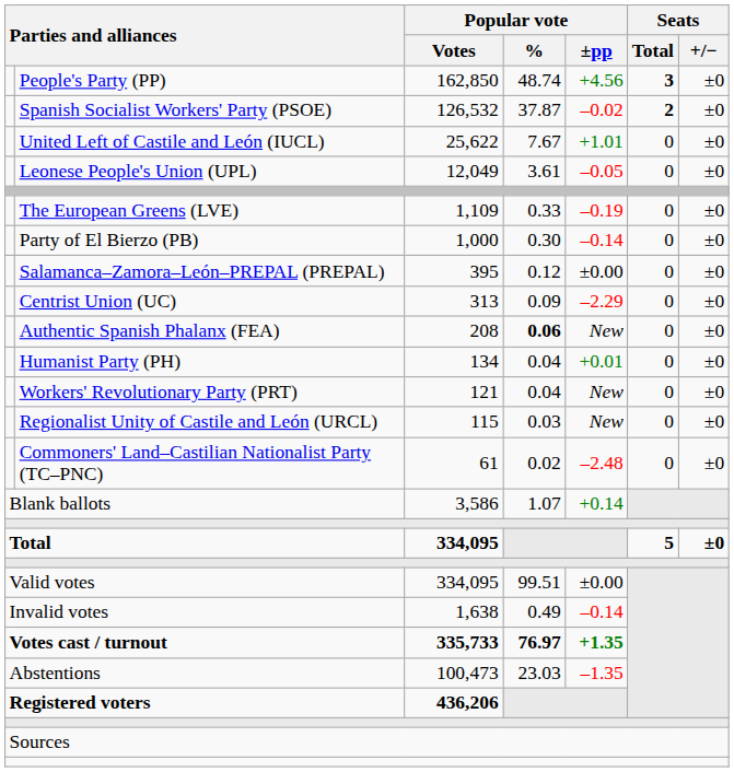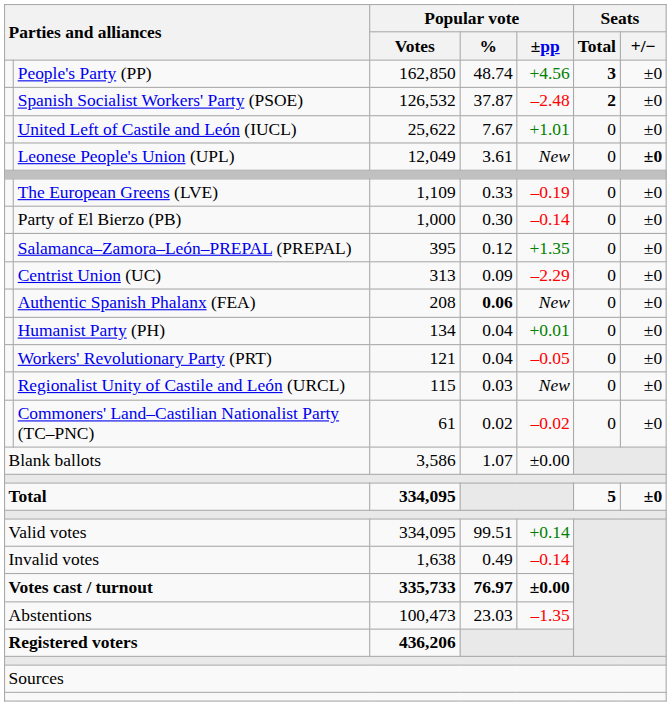 <table class="wikitable" style="text-align:right;">
 <tr>
 <th style="text-align:left;" rowspan="2" colspan="2" width="525">Parties and alliances</th>
 <th colspan="3">Popular vote</th>
 <th colspan="2">Seats</th>
 </tr>
 <tr>
 <th width="75">Votes</th>
 <th width="45">%</th>
 <th width="45">±<a href='#'>pp</a></th>
 <th width="35">Total</th>
 <th width="35">+/−</th>
 </tr>
 <tr>
 <td width="1" style="color:inherit;background:"></td>
 <td align="left"><a href='#'>People's Party</a> (PP)</td>
 <td>162,850</td>
 <td>48.74</td>
 <td style="color:green;">+4.56</td>
 <td><strong>3</strong></td>
 <td>±0</td>
 </tr>
 <tr>
 <td style="color:inherit;background:"></td>
 <td align="left"><a href='#'>Spanish Socialist Workers' Party</a> (PSOE)</td>
 <td>126,532</td>
 <td>37.87</td>
-<td style="color:red;">–0.02</td>
+<td style="color:red;">–2.48</td>
 <td><strong>2</strong></td>
 <td>±0</td>
 </tr>
 <tr>
 <td style="color:inherit;background:"></td>
 <td align="left"><a href='#'>United Left of Castile and León</a> (IUCL)</td>
 <td>25,622</td>
 <td>7.67</td>
 <td style="color:green;">+1.01</td>
 <td>0</td>
 <td>±0</td>
 </tr>
 <tr>
 <td style="color:inherit;background:"></td>
 <td align="left"><a href='#'>Leonese People's Union</a> (UPL)</td>
 <td>12,049</td>
 <td>3.61</td>
-<td style="color:red;">–0.05</td>
+<td><em>New</em></td>
 <td>0</td>
-<td>±0</td>
+<td><strong>±0</strong></td>
 </tr>
 <tr>
 <td colspan="7" bgcolor="#C0C0C0"></td>
 </tr>
 <tr>
 <td style="color:inherit;background:"></td>
 <td align="left"><a href='#'>The European Greens</a> (LVE)</td>
 <td>1,109</td>
 <td>0.33</td>
 <td style="color:red;">–0.19</td>
 <td>0</td>
 <td>±0</td>
 </tr>
 <tr>
 <td style="color:inherit;background:"></td>
 <td align="left">Party of El Bierzo (PB)</td>
 <td>1,000</td>
 <td>0.30</td>
 <td style="color:red;">–0.14</td>
 <td>0</td>
 <td>±0</td>
 </tr>
 <tr>
 <td style="color:inherit;background:"></td>
 <td align="left"><a href='#'>Salamanca–Zamora–León–PREPAL</a> (PREPAL)</td>
 <td>395</td>
 <td>0.12</td>
-<td>±0.00</td>
+<td style="color:green;">+1.35</td>
 <td>0</td>
 <td>±0</td>
 </tr>
 <tr>
 <td style="color:inherit;background:"></td>
 <td align="left"><a href='#'>Centrist Union</a> (UC)</td>
 <td>313</td>
 <td>0.09</td>
 <td style="color:red;">–2.29</td>
 <td>0</td>
 <td>±0</td>
 </tr>
 <tr>
 <td style="color:inherit;background:"></td>
 <td align="left"><a href='#'>Authentic Spanish Phalanx</a> (FEA)</td>
 <td>208</td>
 <td><strong>0.06</strong></td>
 <td><em>New</em></td>
 <td>0</td>
 <td>±0</td>
 </tr>
 <tr>
 <td style="color:inherit;background:"></td>
 <td align="left"><a href='#'>Humanist Party</a> (PH)</td>
 <td>134</td>
 <td>0.04</td>
 <td style="color:green;">+0.01</td>
 <td>0</td>
 <td>±0</td>
 </tr>
 <tr>
 <td style="color:inherit;background:"></td>
 <td align="left"><a href='#'>Workers' Revolutionary Party</a> (PRT)</td>
 <td>121</td>
 <td>0.04</td>
-<td><em>New</em></td>
+<td style="color:red;">–0.05</td>
 <td>0</td>
 <td>±0</td>
 </tr>
 <tr>
 <td style="color:inherit;background:"></td>
 <td align="left"><a href='#'>Regionalist Unity of Castile and León</a> (URCL)</td>
 <td>115</td>
 <td>0.03</td>
 <td><em>New</em></td>
 <td>0</td>
 <td>±0</td>
 </tr>
 <tr>
 <td style="color:inherit;background:"></td>
 <td align="left"><a href='#'>Commoners' Land–Castilian Nationalist Party</a> (TC–PNC)</td>
 <td>61</td>
 <td>0.02</td>
-<td style="color:red;">–2.48</td>
+<td style="color:red;">–0.02</td>
 <td>0</td>
 <td>±0</td>
 </tr>
 <tr>
 <td align="left" colspan="2">Blank ballots</td>
 <td>3,586</td>
 <td>1.07</td>
-<td style="color:green;">+0.14</td>
+<td>±0.00</td>
 <td bgcolor="#E9E9E9" colspan="2"></td>
 </tr>
 <tr>
 <td colspan="7" bgcolor="#E9E9E9"></td>
 </tr>
 <tr style="font-weight:bold;">
 <td align="left" colspan="2">Total</td>
 <td>334,095</td>
 <td bgcolor="#E9E9E9" colspan="2"></td>
 <td>5</td>
 <td>±0</td>
 </tr>
 <tr>
 <td colspan="7" bgcolor="#E9E9E9"></td>
 </tr>
 <tr>
 <td align="left" colspan="2">Valid votes</td>
 <td>334,095</td>
 <td>99.51</td>
-<td>±0.00</td>
+<td style="color:green;">+0.14</td>
 <td bgcolor="#E9E9E9" colspan="2" rowspan="5"></td>
 </tr>
 <tr>
 <td align="left" colspan="2">Invalid votes</td>
 <td>1,638</td>
 <td>0.49</td>
 <td style="color:red;">–0.14</td>
 </tr>
 <tr style="font-weight:bold;">
 <td align="left" colspan="2">Votes cast / turnout</td>
 <td>335,733</td>
 <td>76.97</td>
-<td style="color:green;">+1.35</td>
+<td>±0.00</td>
 </tr>
 <tr>
 <td align="left" colspan="2">Abstentions</td>
 <td>100,473</td>
 <td>23.03</td>
 <td style="color:red;">–1.35</td>
 </tr>
 <tr style="font-weight:bold;">
 <td align="left" colspan="2">Registered voters</td>
 <td>436,206</td>
 <td bgcolor="#E9E9E9" colspan="2"></td>
 </tr>
 <tr>
 <td colspan="7" bgcolor="#E9E9E9"></td>
 </tr>
 <tr>
 <td align="left" colspan="7">Sources</td>
 </tr>
 <tr>
 <td colspan="7" style="text-align:left; max-width:790px;"></td>
 </tr>
 </table>
